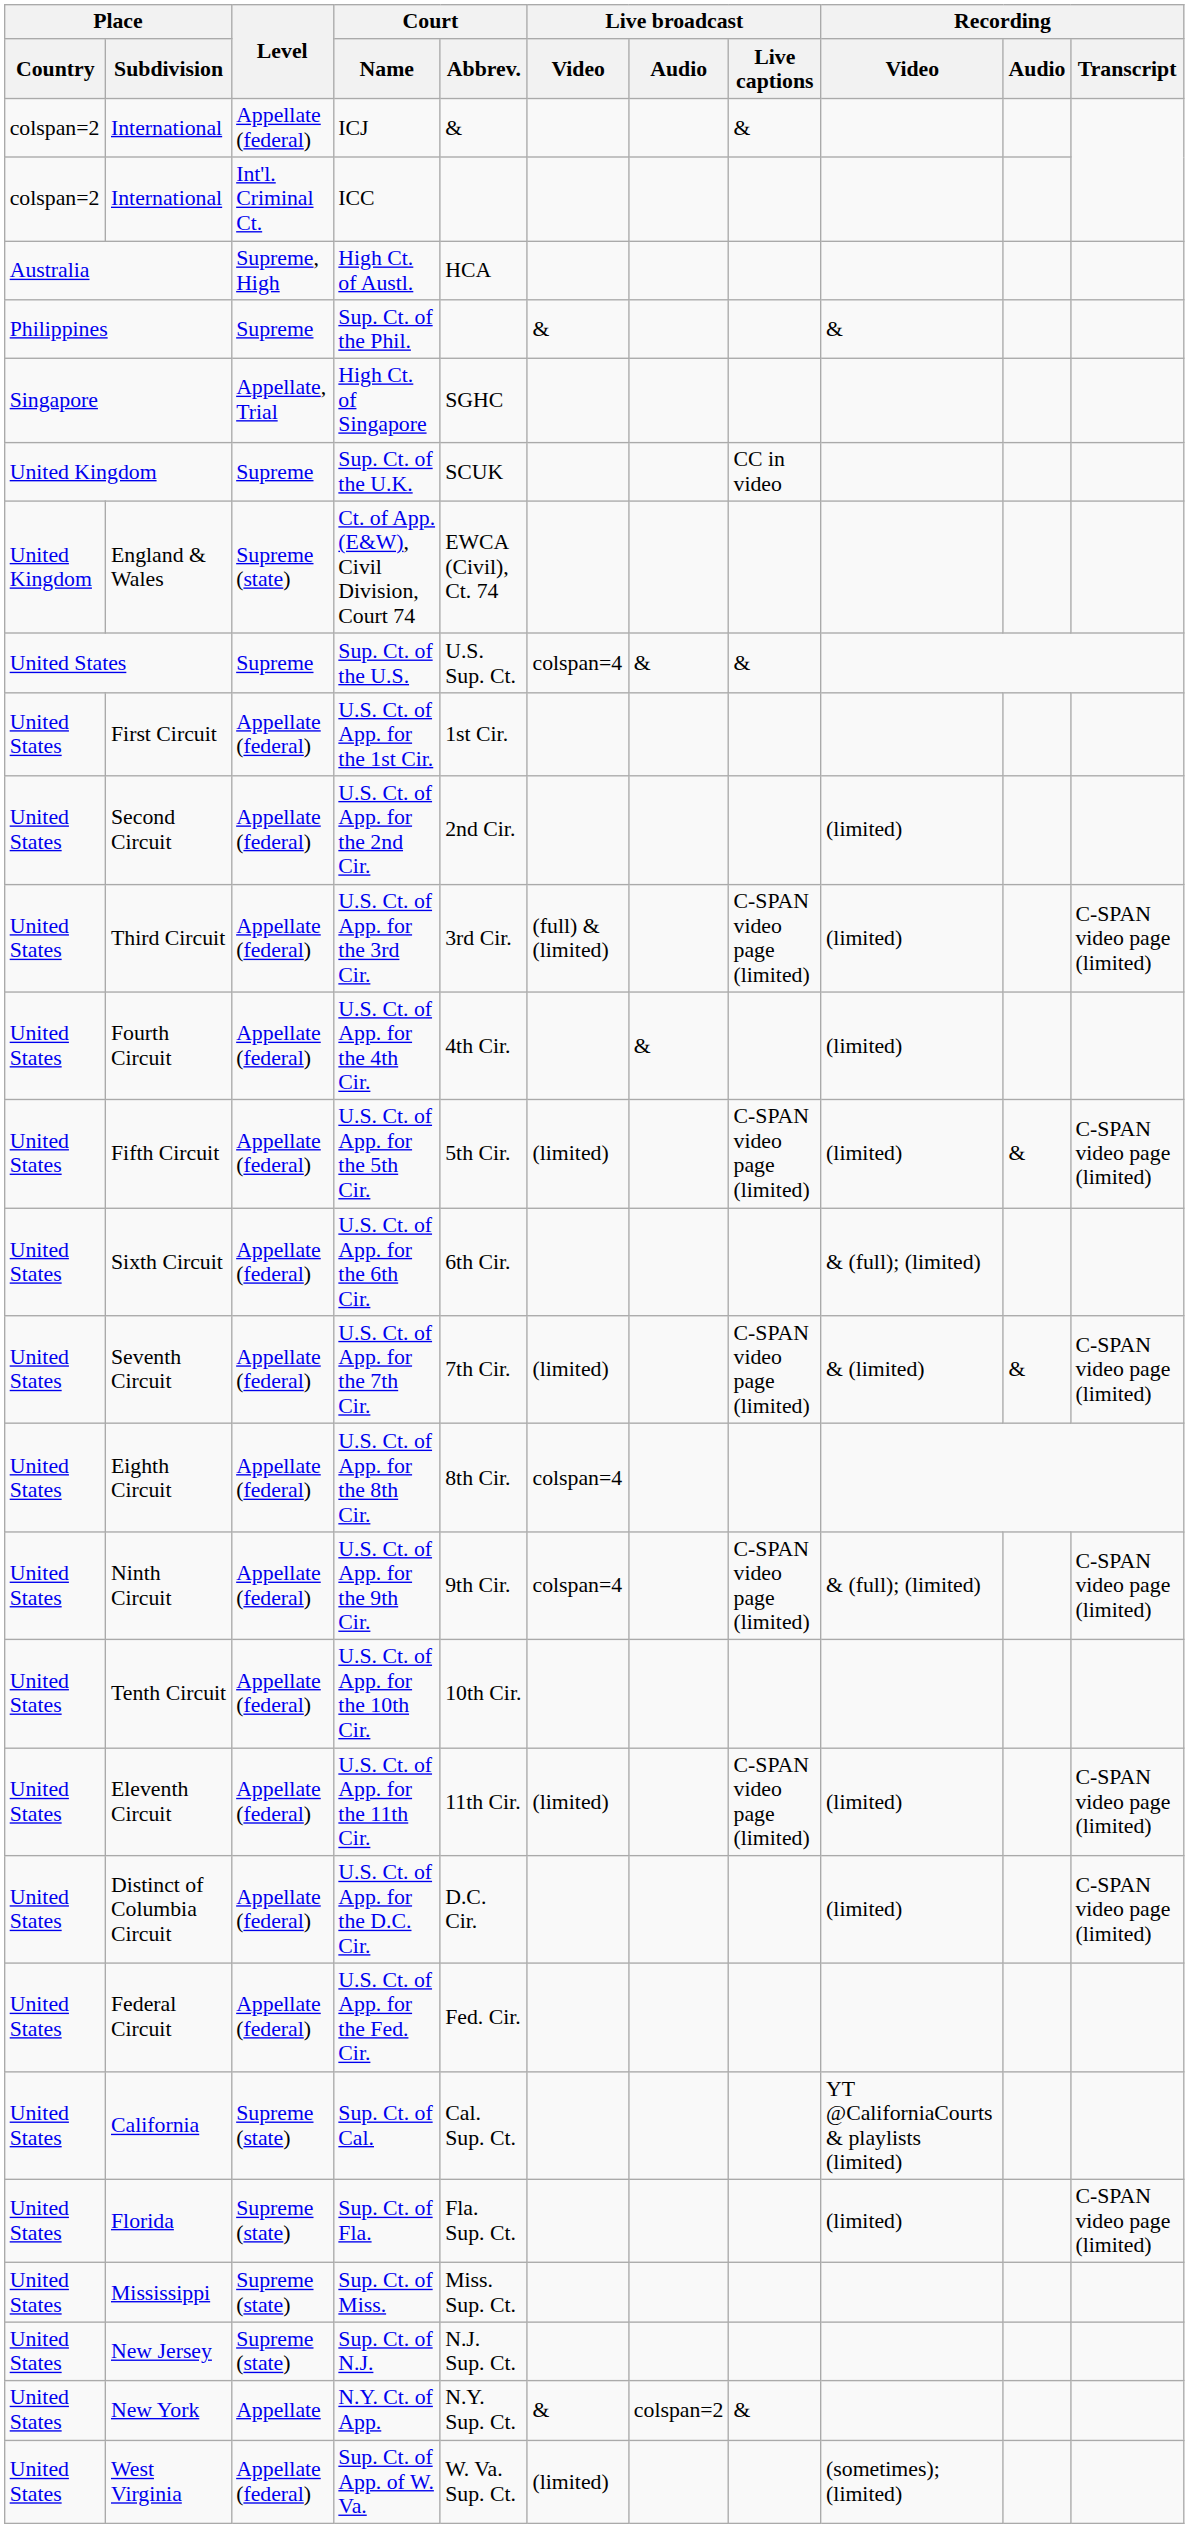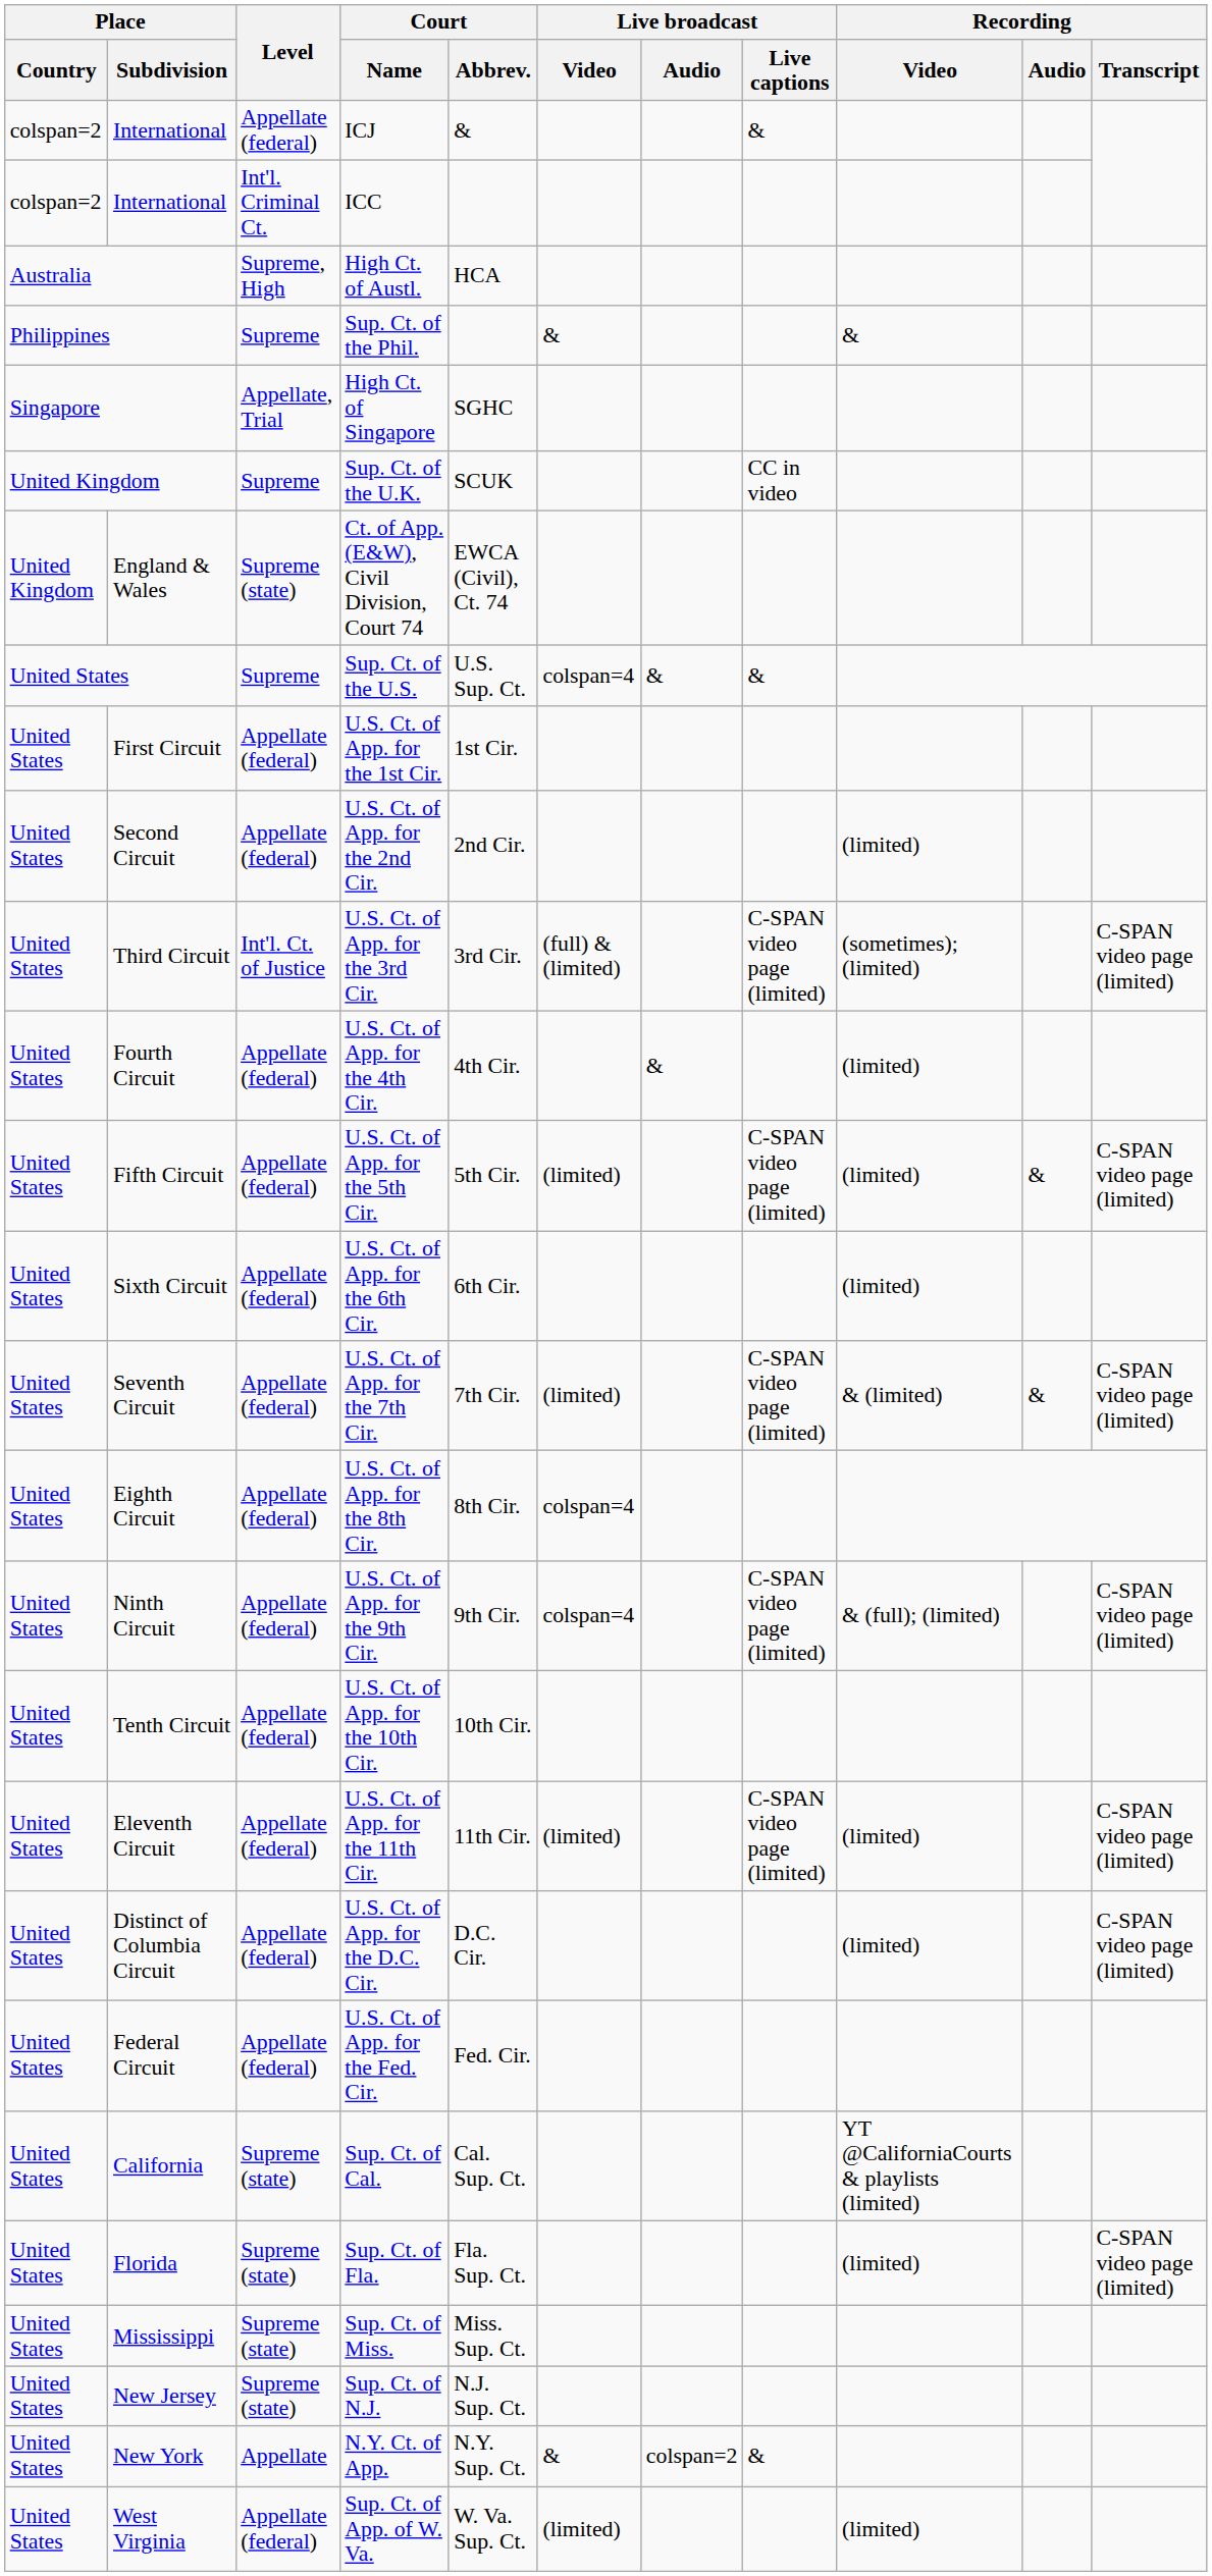 <table class="wikitable sortable sticky-header-multi">
 <tr>
 <th colspan=2>Place</th>
 <th rowspan=2>Level</th>
 <th colspan=2>Court</th>
 <th colspan=3>Live broadcast</th>
 <th colspan=3>Recording</th>
 </tr>
 <tr>
 <th>Country</th>
 <th>Subdivision</th>
 <th>Name</th>
 <th>Abbrev.</th>
 <th>Video</th>
 <th>Audio</th>
 <th>Live captions</th>
 <th>Video</th>
 <th>Audio</th>
 <th>Transcript</th>
 </tr>
 <tr>
 <td>colspan=2  </td>
 <td><a href='#'>International</a></td>
 <td><a href='#'>Appellate</a> (<a href='#'>federal</a>)</td>
 <td>ICJ</td>
 <td> & </td>
 <td></td>
 <td></td>
 <td> & </td>
 <td></td>
 <td></td>
 </tr>
 <tr>
 <td>colspan=2 </td>
 <td><a href='#'>International</a></td>
 <td><a href='#'>Int'l. Criminal Ct.</a></td>
 <td>ICC</td>
 <td></td>
 <td></td>
 <td></td>
 <td></td>
 <td></td>
 <td></td>
 </tr>
 <tr>
 <td colspan=2><a href='#'>Australia</a></td>
 <td><a href='#'>Supreme</a>, <a href='#'>High</a></td>
 <td><a href='#'>High Ct. of Austl.</a></td>
 <td>HCA</td>
 <td></td>
 <td></td>
 <td></td>
 <td></td>
 <td></td>
 <td></td>
 </tr>
 <tr>
 <td colspan=2><a href='#'>Philippines</a></td>
 <td><a href='#'>Supreme</a></td>
 <td><a href='#'>Sup. Ct. of the Phil.</a></td>
 <td> </td>
 <td> & </td>
 <td></td>
 <td></td>
 <td> & </td>
 <td></td>
 <td></td>
 </tr>
 <tr>
 <td colspan=2><a href='#'>Singapore</a></td>
 <td><a href='#'>Appellate</a>, <a href='#'>Trial</a></td>
 <td><a href='#'>High Ct. of Singapore</a></td>
 <td>SGHC</td>
 <td></td>
 <td></td>
 <td></td>
 <td></td>
 <td></td>
 <td></td>
 </tr>
 <tr>
 <td colspan=2><a href='#'>United Kingdom</a></td>
 <td><a href='#'>Supreme</a></td>
 <td><a href='#'>Sup. Ct. of the U.K.</a></td>
 <td>SCUK</td>
 <td></td>
 <td></td>
 <td>CC in video</td>
 <td></td>
 <td></td>
 <td></td>
 </tr>
 <tr>
 <td><a href='#'>United Kingdom</a></td>
 <td>England & Wales</td>
 <td><a href='#'>Supreme</a> (<a href='#'>state</a>)</td>
 <td><a href='#'>Ct. of App. (E&W)</a>, Civil Division, Court 74</td>
 <td>EWCA (Civil), Ct. 74</td>
 <td></td>
 <td></td>
 <td></td>
 <td></td>
 <td></td>
 <td></td>
 </tr>
 <tr>
 <td colspan=2><a href='#'>United States</a></td>
 <td><a href='#'>Supreme</a></td>
 <td><a href='#'>Sup. Ct. of the U.S.</a></td>
 <td>U.S. Sup. Ct.</td>
 <td>colspan=4 </td>
 <td> & </td>
 <td> & </td>
 </tr>
 <tr>
 <td><a href='#'>United States</a></td>
 <td>First Circuit</td>
 <td><a href='#'>Appellate</a> (<a href='#'>federal</a>)</td>
 <td><a href='#'>U.S. Ct. of App. for the 1st Cir.</a></td>
 <td>1st Cir.</td>
 <td></td>
 <td> </td>
 <td></td>
 <td></td>
 <td></td>
 <td></td>
 </tr>
 <tr>
 <td><a href='#'>United States</a></td>
 <td>Second Circuit</td>
 <td><a href='#'>Appellate</a> (<a href='#'>federal</a>)</td>
 <td><a href='#'>U.S. Ct. of App. for the 2nd Cir.</a></td>
 <td>2nd Cir.</td>
 <td></td>
 <td> </td>
 <td></td>
 <td> (limited)</td>
 <td></td>
 <td></td>
 </tr>
 <tr>
 <td><a href='#'>United States</a></td>
 <td>Third Circuit</td>
-<td><a href='#'>Appellate</a> (<a href='#'>federal</a>)</td>
+<td><a href='#'>Int'l. Ct. of Justice</a></td>
 <td><a href='#'>U.S. Ct. of App. for the 3rd Cir.</a></td>
 <td>3rd Cir.</td>
 <td> (full) &  (limited)</td>
 <td></td>
 <td>C-SPAN video page (limited)</td>
-<td> (limited)</td>
+<td> (sometimes);  (limited)</td>
 <td></td>
 <td>C-SPAN video page (limited)</td>
 </tr>
 <tr>
 <td><a href='#'>United States</a></td>
 <td>Fourth Circuit</td>
 <td><a href='#'>Appellate</a> (<a href='#'>federal</a>)</td>
 <td><a href='#'>U.S. Ct. of App. for the 4th Cir.</a></td>
 <td>4th Cir.</td>
 <td></td>
 <td> & </td>
 <td></td>
 <td> (limited)</td>
 <td></td>
 <td></td>
 </tr>
 <tr>
 <td><a href='#'>United States</a></td>
 <td>Fifth Circuit</td>
 <td><a href='#'>Appellate</a> (<a href='#'>federal</a>)</td>
 <td><a href='#'>U.S. Ct. of App. for the 5th Cir.</a></td>
 <td>5th Cir.</td>
 <td> (limited)</td>
 <td> </td>
 <td>C-SPAN video page (limited)</td>
 <td> (limited)</td>
 <td> & </td>
 <td>C-SPAN video page (limited)</td>
 </tr>
 <tr>
 <td><a href='#'>United States</a></td>
 <td>Sixth Circuit</td>
 <td><a href='#'>Appellate</a> (<a href='#'>federal</a>)</td>
 <td><a href='#'>U.S. Ct. of App. for the 6th Cir.</a></td>
 <td>6th Cir.</td>
 <td></td>
 <td></td>
 <td></td>
-<td> &  (full);  (limited)</td>
+<td> (limited)</td>
 <td></td>
 <td></td>
 </tr>
 <tr>
 <td><a href='#'>United States</a></td>
 <td>Seventh Circuit</td>
 <td><a href='#'>Appellate</a> (<a href='#'>federal</a>)</td>
 <td><a href='#'>U.S. Ct. of App. for the 7th Cir.</a></td>
 <td>7th Cir.</td>
 <td> (limited)</td>
 <td></td>
 <td>C-SPAN video page (limited)</td>
 <td> &  (limited)</td>
 <td> & </td>
 <td>C-SPAN video page (limited)</td>
 </tr>
 <tr>
 <td><a href='#'>United States</a></td>
 <td>Eighth Circuit</td>
 <td><a href='#'>Appellate</a> (<a href='#'>federal</a>)</td>
 <td><a href='#'>U.S. Ct. of App. for the 8th Cir.</a></td>
 <td>8th Cir.</td>
 <td>colspan=4 </td>
 <td></td>
 <td></td>
 </tr>
 <tr>
 <td><a href='#'>United States</a></td>
 <td>Ninth Circuit</td>
 <td><a href='#'>Appellate</a> (<a href='#'>federal</a>)</td>
 <td><a href='#'>U.S. Ct. of App. for the 9th Cir.</a></td>
 <td>9th Cir.</td>
 <td>colspan=4 </td>
 <td></td>
 <td>C-SPAN video page (limited)</td>
 <td> &  (full);  (limited)</td>
 <td></td>
 <td>C-SPAN video page (limited)</td>
 </tr>
 <tr>
 <td><a href='#'>United States</a></td>
 <td>Tenth Circuit</td>
 <td><a href='#'>Appellate</a> (<a href='#'>federal</a>)</td>
 <td><a href='#'>U.S. Ct. of App. for the 10th Cir.</a></td>
 <td>10th Cir.</td>
 <td></td>
 <td></td>
 <td></td>
 <td></td>
 <td></td>
 <td></td>
 </tr>
 <tr>
 <td><a href='#'>United States</a></td>
 <td>Eleventh Circuit</td>
 <td><a href='#'>Appellate</a> (<a href='#'>federal</a>)</td>
 <td><a href='#'>U.S. Ct. of App. for the 11th Cir.</a></td>
 <td>11th Cir.</td>
 <td>  (limited)</td>
 <td></td>
 <td>C-SPAN video page (limited)</td>
 <td> (limited)</td>
 <td></td>
 <td>C-SPAN video page (limited)</td>
 </tr>
 <tr>
 <td><a href='#'>United States</a></td>
 <td>Distinct of Columbia Circuit </td>
 <td><a href='#'>Appellate</a> (<a href='#'>federal</a>)</td>
 <td><a href='#'>U.S. Ct. of App. for the D.C. Cir.</a></td>
 <td>D.C. Cir.</td>
 <td></td>
 <td></td>
 <td></td>
 <td> (limited)</td>
 <td></td>
 <td>C-SPAN video page (limited)</td>
 </tr>
 <tr>
 <td><a href='#'>United States</a></td>
 <td>Federal Circuit</td>
 <td><a href='#'>Appellate</a> (<a href='#'>federal</a>)</td>
 <td><a href='#'>U.S. Ct. of App. for the Fed. Cir.</a></td>
 <td>Fed. Cir.</td>
 <td></td>
 <td></td>
 <td></td>
 <td></td>
 <td></td>
 <td></td>
 </tr>
 <tr>
 <td><a href='#'>United States</a></td>
 <td><a href='#'>California</a></td>
 <td><a href='#'>Supreme</a> (<a href='#'>state</a>)</td>
 <td><a href='#'>Sup. Ct. of Cal.</a></td>
 <td>Cal. Sup. Ct.</td>
 <td></td>
 <td></td>
 <td></td>
 <td>YT @CaliforniaCourts  &  playlists (limited)</td>
 <td></td>
 <td></td>
 </tr>
 <tr>
 <td><a href='#'>United States</a></td>
 <td><a href='#'>Florida</a></td>
 <td><a href='#'>Supreme</a> (<a href='#'>state</a>)</td>
 <td><a href='#'>Sup. Ct. of Fla.</a></td>
 <td>Fla. Sup. Ct.</td>
 <td></td>
 <td></td>
 <td></td>
 <td> (limited)</td>
 <td></td>
 <td>C-SPAN video page (limited)</td>
 </tr>
 <tr>
 <td><a href='#'>United States</a></td>
 <td><a href='#'>Mississippi</a></td>
 <td><a href='#'>Supreme</a> (<a href='#'>state</a>)</td>
 <td><a href='#'>Sup. Ct. of Miss.</a></td>
 <td>Miss. Sup. Ct.</td>
 <td></td>
 <td></td>
 <td></td>
 <td> </td>
 <td></td>
 <td></td>
 </tr>
 <tr>
 <td><a href='#'>United States</a></td>
 <td><a href='#'>New Jersey</a></td>
 <td><a href='#'>Supreme</a> (<a href='#'>state</a>)</td>
 <td><a href='#'>Sup. Ct. of N.J.</a></td>
 <td>N.J. Sup. Ct.</td>
 <td></td>
 <td></td>
 <td></td>
 <td></td>
 <td></td>
 <td></td>
 </tr>
 <tr>
 <td><a href='#'>United States</a></td>
 <td><a href='#'>New York</a></td>
 <td><a href='#'>Appellate</a></td>
 <td><a href='#'>N.Y. Ct. of App.</a></td>
 <td>N.Y. Sup. Ct.</td>
 <td> & </td>
 <td>colspan=2 </td>
 <td> & </td>
 <td></td>
 <td></td>
 </tr>
 <tr>
 <td><a href='#'>United States</a></td>
 <td><a href='#'>West Virginia</a></td>
 <td><a href='#'>Appellate</a> (<a href='#'>federal</a>)</td>
 <td><a href='#'>Sup. Ct. of App. of W. Va.</a></td>
 <td>W. Va. Sup. Ct.</td>
 <td> (limited)</td>
 <td></td>
 <td></td>
-<td> (sometimes);  (limited)</td>
+<td> (limited)</td>
 <td></td>
 <td></td>
 </tr>
 </table>
